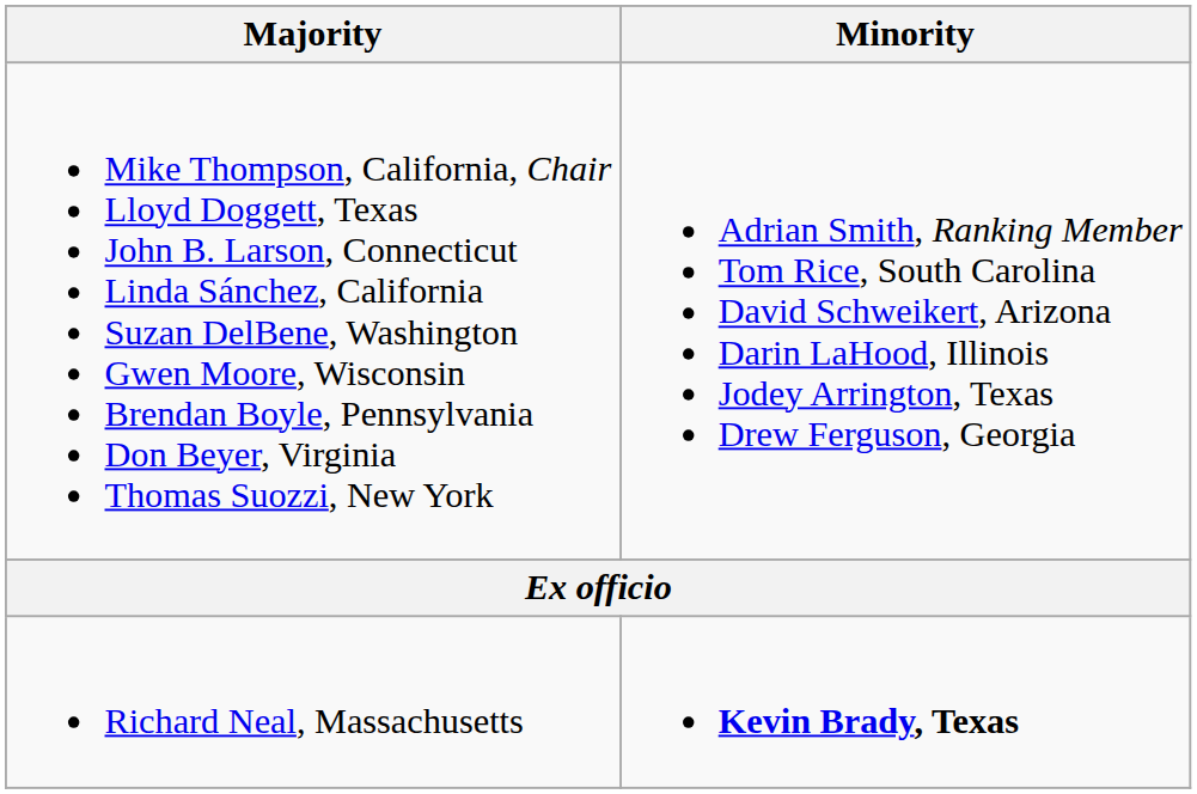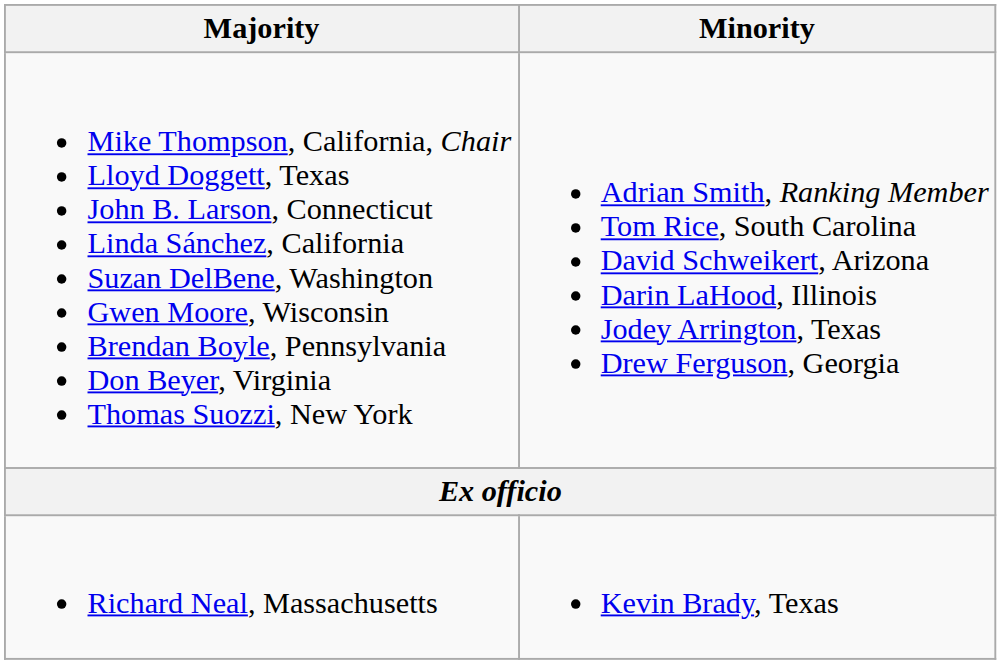 <table class=wikitable>
 <tr>
 <th>Majority</th>
 <th>Minority</th>
 </tr>
 <tr>
 <td><br><ul><li><a href='#'>Mike Thompson</a>, California, <em>Chair</em></li><li><a href='#'>Lloyd Doggett</a>, Texas</li><li><a href='#'>John B. Larson</a>, Connecticut</li><li><a href='#'>Linda Sánchez</a>, California</li><li><a href='#'>Suzan DelBene</a>, Washington</li><li><a href='#'>Gwen Moore</a>, Wisconsin</li><li><a href='#'>Brendan Boyle</a>, Pennsylvania</li><li><a href='#'>Don Beyer</a>, Virginia</li><li><a href='#'>Thomas Suozzi</a>, New York</li></ul></td>
 <td><br><ul><li><a href='#'>Adrian Smith</a>, <em>Ranking Member</em></li><li><a href='#'>Tom Rice</a>, South Carolina</li><li><a href='#'>David Schweikert</a>, Arizona</li><li><a href='#'>Darin LaHood</a>, Illinois</li><li><a href='#'>Jodey Arrington</a>, Texas</li><li><a href='#'>Drew Ferguson</a>, Georgia</li></ul></td>
 </tr>
 <tr>
 <th colspan=2><em>Ex officio</em></th>
 </tr>
 <tr>
 <td><br><ul><li><a href='#'>Richard Neal</a>, Massachusetts</li></ul></td>
-<td><strong><br><ul><li><a href='#'>Kevin Brady</a>, Texas</li></ul></strong></td>
+<td><br><ul><li><a href='#'>Kevin Brady</a>, Texas</li></ul></td>
 </tr>
 </table>
